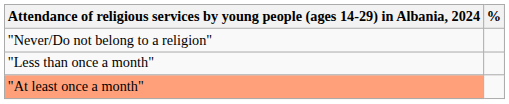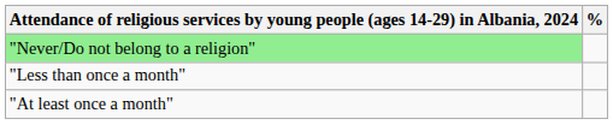 <table class="wikitable float" style="font-size: 90%">
 <tr>
 <th>Attendance of religious services by young people (ages 14-29) in Albania, 2024</th>
 <th colspan="2">%</th>
 </tr>
 <tr>
-<td>"Never/Do not belong to a religion"</td>
+<td style="background: lightgreen;">"Never/Do not belong to a religion"</td>
 <td align=right> </td>
 </tr>
 <tr>
 <td>"Less than once a month"</td>
 <td align=right> </td>
 </tr>
 <tr>
-<td style="background: lightsalmon;">"At least once a month"</td>
+<td>"At least once a month"</td>
 <td align=right> </td>
 </tr>
 </table>
